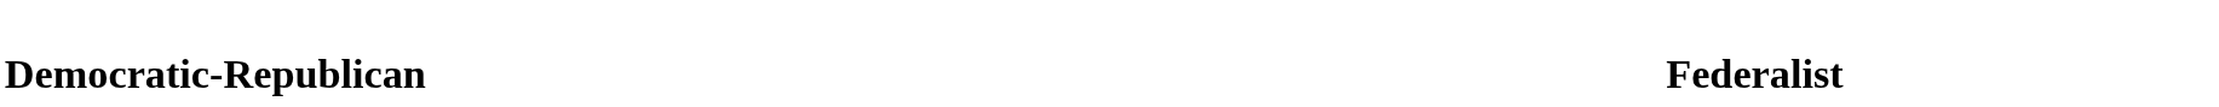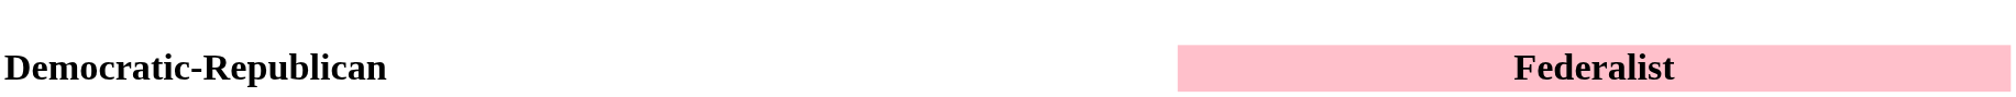 <table style="width:60%; text-align:center">
 <tr style="color:white">
 <td style="background:"><strong>114</strong></td>
 <td style="background:"><strong>68</strong></td>
 </tr>
 <tr>
 <td><span><strong>Democratic-Republican</strong></span></td>
-<td><span><strong>Federalist</strong></span></td>
+<td style="background: pink;"><span><strong>Federalist</strong></span></td>
 </tr>
 </table>
